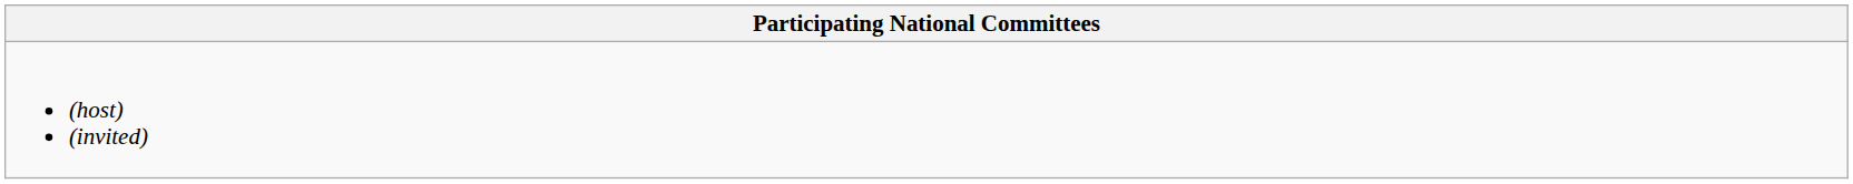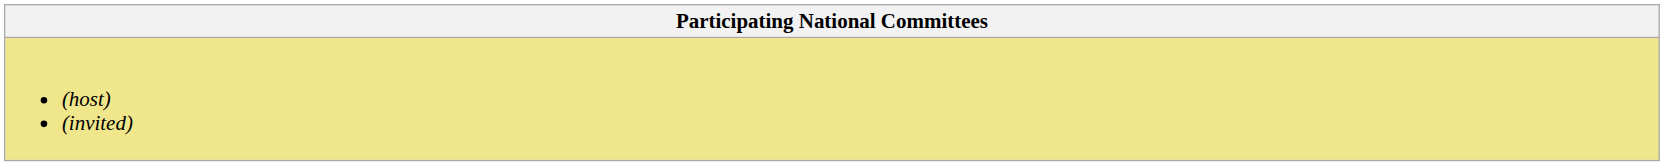 <table class="wikitable collapsible" style="width:100%;">
 <tr>
 <th>Participating National Committees</th>
 </tr>
 <tr>
-<td><br><ul><li> <em>(host)</em></li><li> <em>(invited)</em></li></ul></td>
+<td style="background: khaki;"><br><ul><li> <em>(host)</em></li><li> <em>(invited)</em></li></ul></td>
 </tr>
 </table>
